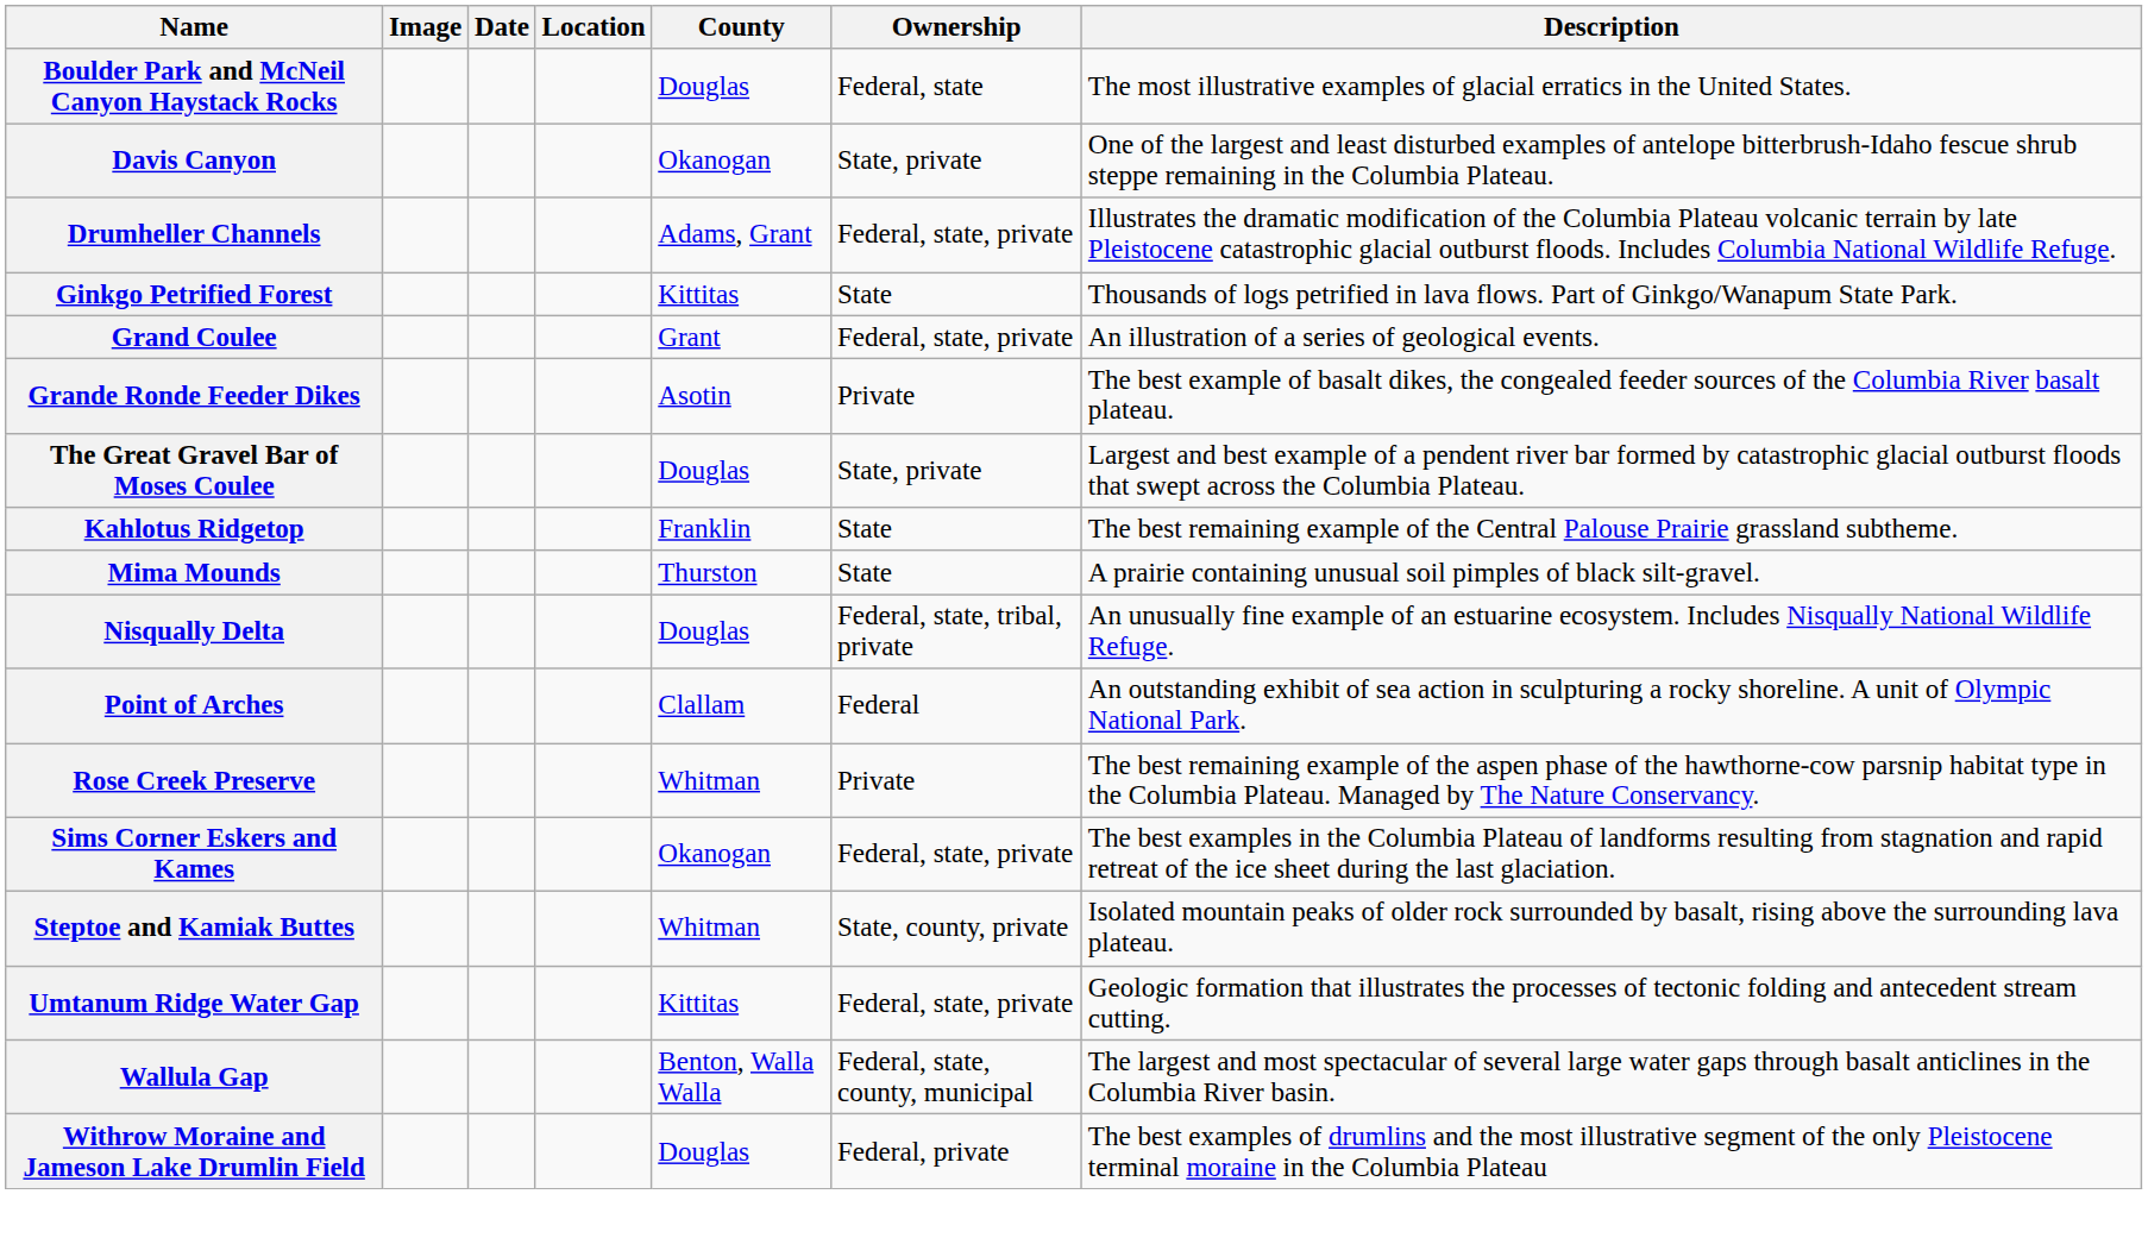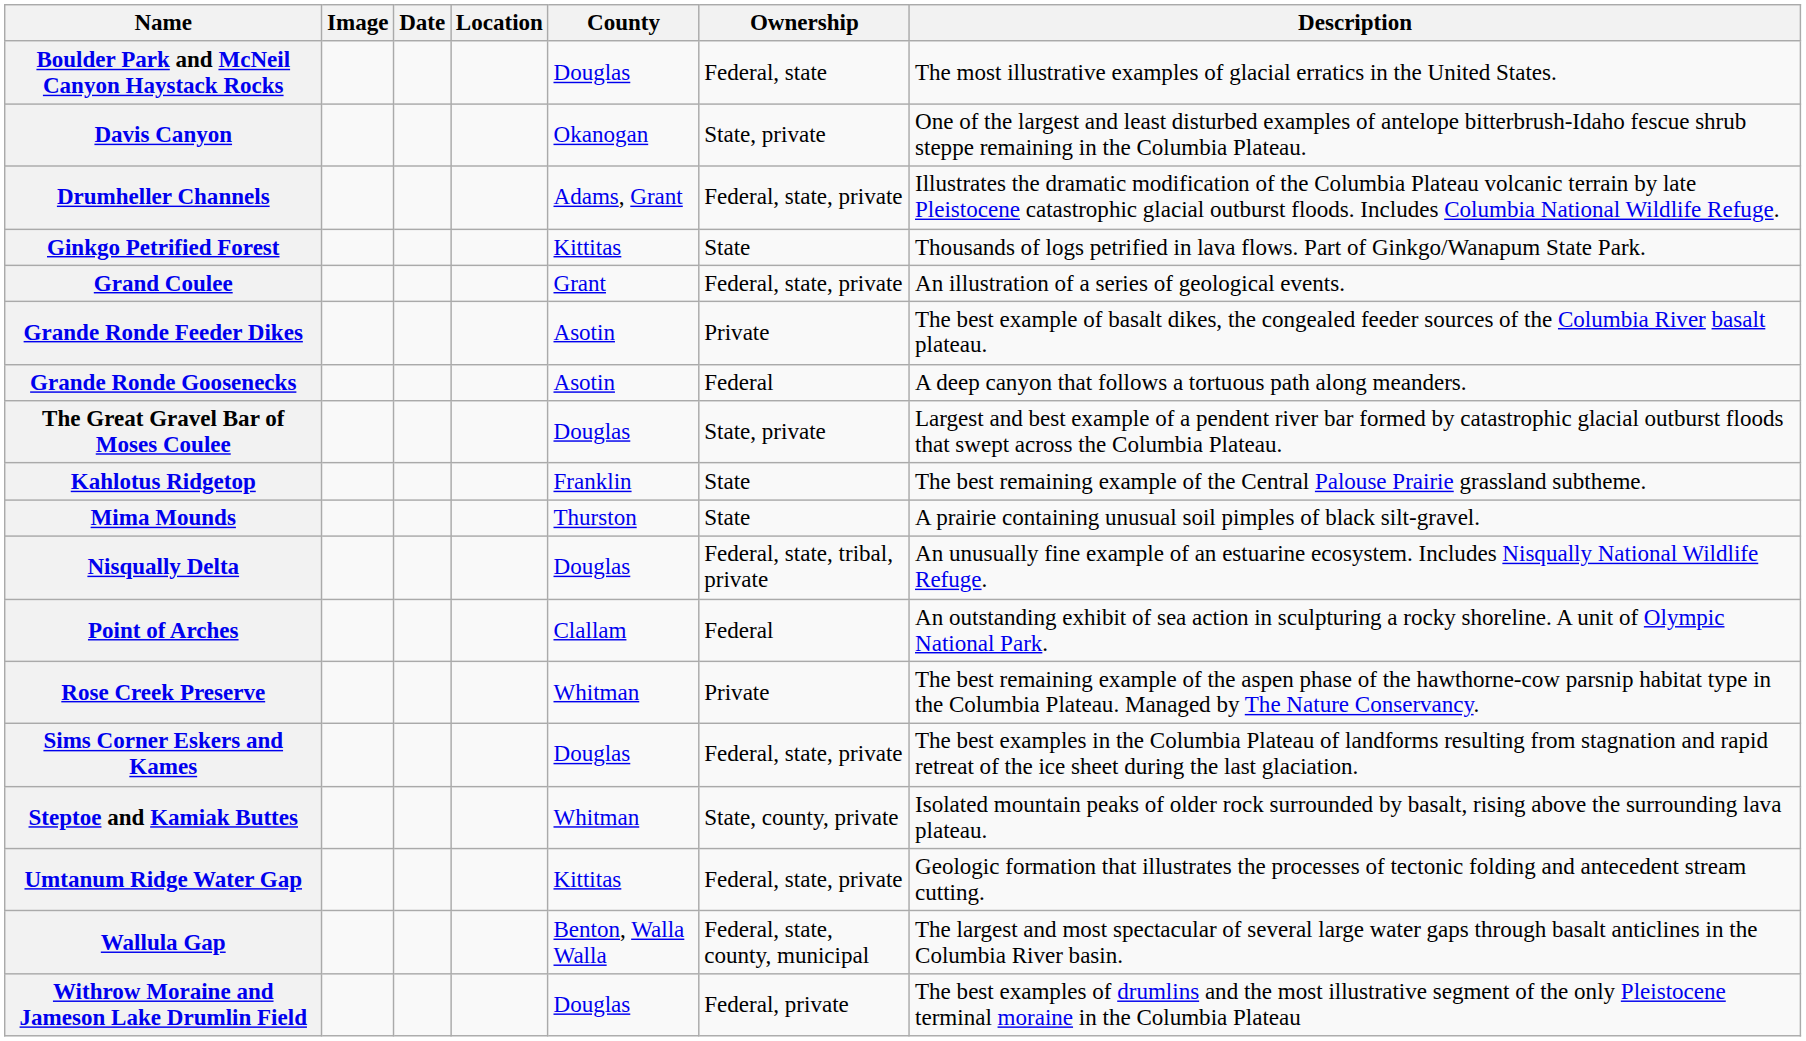 <table class="wikitable sortable" align="center">
 <tr>
 <th scope="col" style="background-color:">Name</th>
 <th scope="col" style="background-color:">Image</th>
 <th scope="col" style="background-color:">Date</th>
 <th scope="col" style="background-color:">Location</th>
 <th scope="col" style="background-color:">County</th>
 <th scope="col" style="background-color:">Ownership</th>
 <th scope="col" style="background-color:">Description</th>
 </tr>
 <tr>
 <th scope="row"><a href='#'>Boulder Park</a> and <a href='#'>McNeil Canyon Haystack Rocks</a></th>
 <td></td>
 <td></td>
 <td></td>
 <td><a href='#'>Douglas</a></td>
 <td>Federal, state</td>
 <td>The most illustrative examples of glacial erratics in the United States.</td>
 </tr>
 <tr>
 <th scope="row"><a href='#'>Davis Canyon</a></th>
 <td></td>
 <td></td>
 <td></td>
 <td><a href='#'>Okanogan</a></td>
 <td>State, private</td>
 <td>One of the largest and least disturbed examples of antelope bitterbrush-Idaho fescue shrub steppe remaining in the Columbia Plateau.</td>
 </tr>
 <tr>
 <th scope="row"><a href='#'>Drumheller Channels</a></th>
 <td></td>
 <td></td>
 <td></td>
 <td><a href='#'>Adams</a>, <a href='#'>Grant</a></td>
 <td>Federal, state, private</td>
 <td>Illustrates the dramatic modification of the Columbia Plateau volcanic terrain by late <a href='#'>Pleistocene</a> catastrophic glacial outburst floods. Includes <a href='#'>Columbia National Wildlife Refuge</a>.</td>
 </tr>
 <tr>
 <th scope="row"><a href='#'>Ginkgo Petrified Forest</a></th>
 <td></td>
 <td></td>
 <td></td>
 <td><a href='#'>Kittitas</a></td>
 <td>State</td>
 <td>Thousands of logs petrified in lava flows. Part of Ginkgo/Wanapum State Park.</td>
 </tr>
 <tr>
 <th scope="row"><a href='#'>Grand Coulee</a></th>
 <td></td>
 <td></td>
 <td></td>
 <td><a href='#'>Grant</a></td>
 <td>Federal, state, private</td>
 <td>An illustration of a series of geological events.</td>
 </tr>
 <tr>
 <th scope="row"><a href='#'>Grande Ronde Feeder Dikes</a></th>
 <td></td>
 <td></td>
 <td></td>
 <td><a href='#'>Asotin</a></td>
 <td>Private</td>
 <td>The best example of basalt dikes, the congealed feeder sources of the <a href='#'>Columbia River</a> <a href='#'>basalt</a> plateau.</td>
 </tr>
 <tr>
+<th scope="row"><a href='#'>Grande Ronde Goosenecks</a></th>
+<td></td>
+<td></td>
+<td></td>
+<td><a href='#'>Asotin</a></td>
+<td>Federal</td>
+<td>A  deep canyon that follows a tortuous path along meanders.</td>
+</tr>
+<tr>
 <th scope="row">The Great Gravel Bar of <a href='#'>Moses Coulee</a></th>
 <td></td>
 <td></td>
 <td></td>
 <td><a href='#'>Douglas</a></td>
 <td>State, private</td>
 <td>Largest and best example of a pendent river bar formed by catastrophic glacial outburst floods that swept across the Columbia Plateau.</td>
 </tr>
 <tr>
 <th scope="row"><a href='#'>Kahlotus Ridgetop</a></th>
 <td></td>
 <td></td>
 <td></td>
 <td><a href='#'>Franklin</a></td>
 <td>State</td>
 <td>The best remaining example of the Central <a href='#'>Palouse Prairie</a> grassland subtheme.</td>
 </tr>
 <tr>
 <th scope="row"><a href='#'>Mima Mounds</a></th>
 <td></td>
 <td></td>
 <td></td>
 <td><a href='#'>Thurston</a></td>
 <td>State</td>
 <td>A prairie containing unusual soil pimples of black silt-gravel.</td>
 </tr>
 <tr>
 <th scope="row"><a href='#'>Nisqually Delta</a></th>
 <td></td>
 <td></td>
 <td></td>
 <td><a href='#'>Douglas</a></td>
 <td>Federal, state, tribal, private</td>
 <td>An unusually fine example of an estuarine ecosystem. Includes <a href='#'>Nisqually National Wildlife Refuge</a>.</td>
 </tr>
 <tr>
 <th scope="row"><a href='#'>Point of Arches</a></th>
 <td></td>
 <td></td>
 <td></td>
 <td><a href='#'>Clallam</a></td>
 <td>Federal</td>
 <td>An outstanding exhibit of sea action in sculpturing a rocky shoreline. A unit of <a href='#'>Olympic National Park</a>.</td>
 </tr>
 <tr>
 <th scope="row"><a href='#'>Rose Creek Preserve</a></th>
 <td></td>
 <td></td>
 <td></td>
 <td><a href='#'>Whitman</a></td>
 <td>Private</td>
 <td>The best remaining example of the aspen phase of the hawthorne-cow parsnip habitat type in the Columbia Plateau. Managed by <a href='#'>The Nature Conservancy</a>.</td>
 </tr>
 <tr>
 <th scope="row"><a href='#'>Sims Corner Eskers and Kames</a></th>
 <td></td>
 <td></td>
 <td></td>
-<td><a href='#'>Okanogan</a></td>
+<td><a href='#'>Douglas</a></td>
 <td>Federal, state, private</td>
 <td>The best examples in the Columbia Plateau of landforms resulting from stagnation and rapid retreat of the ice sheet during the last glaciation.</td>
 </tr>
 <tr>
 <th scope="row"><a href='#'>Steptoe</a> and <a href='#'>Kamiak Buttes</a></th>
 <td></td>
 <td></td>
 <td></td>
 <td><a href='#'>Whitman</a></td>
 <td>State, county, private</td>
 <td>Isolated mountain peaks of older rock surrounded by basalt, rising above the surrounding lava plateau.</td>
 </tr>
 <tr>
 <th scope="row"><a href='#'>Umtanum Ridge Water Gap</a></th>
 <td></td>
 <td></td>
 <td></td>
 <td><a href='#'>Kittitas</a></td>
 <td>Federal, state, private</td>
 <td>Geologic formation that illustrates the processes of tectonic folding and antecedent stream cutting.</td>
 </tr>
 <tr>
 <th scope="row"><a href='#'>Wallula Gap</a></th>
 <td></td>
 <td></td>
 <td></td>
 <td><a href='#'>Benton</a>, <a href='#'>Walla Walla</a></td>
 <td>Federal, state, county, municipal</td>
 <td>The largest and most spectacular of several large water gaps through basalt anticlines in the Columbia River basin.</td>
 </tr>
 <tr>
 <th scope="row"><a href='#'>Withrow Moraine and Jameson Lake Drumlin Field</a></th>
 <td></td>
 <td></td>
 <td></td>
 <td><a href='#'>Douglas</a></td>
 <td>Federal, private</td>
 <td>The best examples of <a href='#'>drumlins</a> and the most illustrative segment of the only <a href='#'>Pleistocene</a> terminal <a href='#'>moraine</a> in the Columbia Plateau</td>
 </tr>
 </table>
